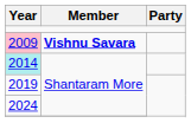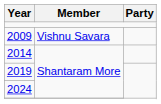 <table class="wikitable">
 <tr>
 <th>Year</th>
 <th>Member</th>
 <th colspan="2">Party</th>
 </tr>
 <tr>
 <td colspan=4></td>
 </tr>
 <tr>
-<td style="background: pink;"><a href='#'>2009</a></td>
-<td><strong><a href='#'>Vishnu Savara</a></strong></td>
+<td><a href='#'>2009</a></td>
+<td><a href='#'>Vishnu Savara</a></td>
 <td></td>
 </tr>
 <tr>
-<td style="background: paleturquoise;"><a href='#'>2014</a></td>
+<td><a href='#'>2014</a></td>
 <td rowspan="3"><a href='#'>Shantaram More</a></td>
 <td></td>
 </tr>
 <tr>
 <td><a href='#'>2019</a></td>
 </tr>
 <tr>
 <td><a href='#'>2024</a></td>
 </tr>
 <tr>
 </tr>
 </table>
